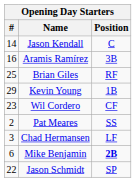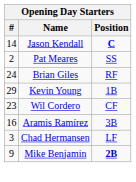 <table class="wikitable" style="text-align:center">
 <tr>
 <th colspan="3">Opening Day Starters</th>
 </tr>
 <tr>
 <th>#</th>
 <th>Name</th>
 <th>Position</th>
 </tr>
 <tr>
 <td>14</td>
 <td><a href='#'>Jason Kendall</a></td>
-<td><a href='#'>C</a></td>
+<td><strong><a href='#'>C</a></strong></td>
 </tr>
 <tr>
-<td>16</td>
-<td><a href='#'>Aramis Ramírez</a></td>
-<td><a href='#'>3B</a></td>
+<td>2</td>
+<td><a href='#'>Pat Meares</a></td>
+<td><a href='#'>SS</a></td>
 </tr>
 <tr>
-<td>25</td>
+<td>24</td>
 <td><a href='#'>Brian Giles</a></td>
 <td><a href='#'>RF</a></td>
 </tr>
 <tr>
 <td>29</td>
 <td><a href='#'>Kevin Young</a></td>
 <td><a href='#'>1B</a></td>
 </tr>
 <tr>
 <td>23</td>
 <td><a href='#'>Wil Cordero</a></td>
 <td><a href='#'>CF</a></td>
 </tr>
 <tr>
-<td>2</td>
-<td><a href='#'>Pat Meares</a></td>
-<td><a href='#'>SS</a></td>
+<td>16</td>
+<td><a href='#'>Aramis Ramírez</a></td>
+<td><a href='#'>3B</a></td>
 </tr>
 <tr>
 <td>3</td>
 <td><a href='#'>Chad Hermansen</a></td>
 <td><a href='#'>LF</a></td>
 </tr>
 <tr>
-<td>6</td>
+<td>9</td>
 <td><a href='#'>Mike Benjamin</a></td>
 <td><strong><a href='#'>2B</a></strong></td>
 </tr>
-<tr>
-<td>22</td>
-<td><a href='#'>Jason Schmidt</a></td>
-<td><a href='#'>SP</a></td>
-</tr>
 </table>
